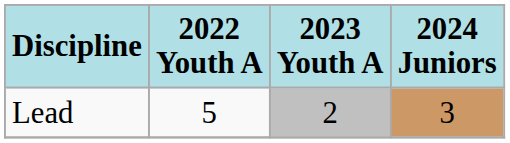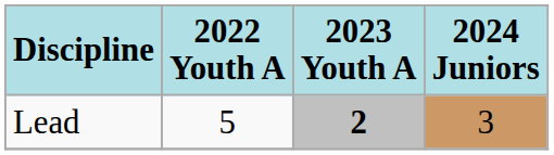 <table class="wikitable" style="text-align: center;">
 <tr>
 <th style="background: #b0e0e6;">Discipline</th>
 <th style="background: #b0e0e6;">2022<br>Youth A</th>
 <th style="background: #b0e0e6;">2023<br>Youth A</th>
 <th style="background: #b0e0e6;">2024<br>Juniors</th>
 </tr>
 <tr>
 <td align="left">Lead</td>
 <td>5</td>
-<td style="background: Silver">2</td>
+<td style="background: Silver"><strong>2</strong></td>
 <td style="background: #cc9966">3</td>
 </tr>
 <tr>
 </tr>
 </table>
